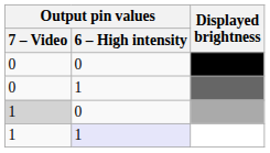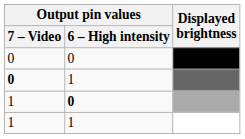 <table class="wikitable">
 <tr>
 <th colspan="2">Output pin values</th>
 <th rowspan="2">Displayed<br>brightness</th>
 </tr>
 <tr>
 <th><strong>7 – Video</strong></th>
 <th>6 – High intensity</th>
 </tr>
 <tr>
 <td>0</td>
 <td>0</td>
 <td style=" background-color: #000"></td>
 </tr>
 <tr>
-<td>0</td>
+<td><strong>0</strong></td>
 <td>1</td>
 <td style="background-color: #666"></td>
 </tr>
 <tr>
-<td style="background: lightgrey;">1</td>
-<td>0</td>
+<td>1</td>
+<td><strong>0</strong></td>
 <td style="background-color: #AAA"></td>
 </tr>
 <tr>
 <td>1</td>
-<td style="background: lavender;">1</td>
+<td>1</td>
 <td style="background-color: #fff"></td>
 </tr>
 </table>
